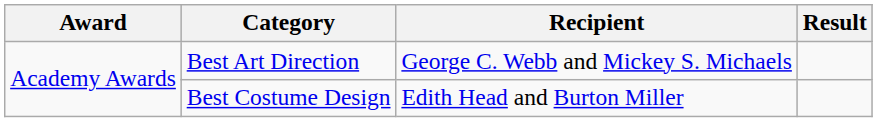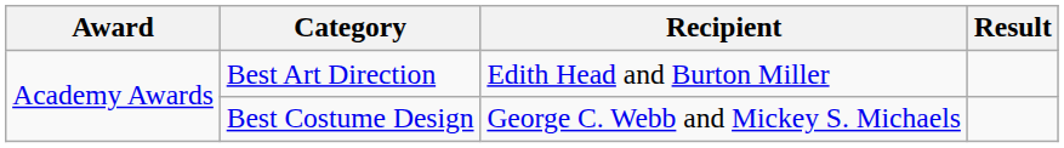 <table class="wikitable">
 <tr>
 <th>Award</th>
 <th>Category</th>
 <th>Recipient</th>
 <th>Result</th>
 </tr>
 <tr>
 <td rowspan=2><a href='#'>Academy Awards</a></td>
 <td><a href='#'>Best Art Direction</a></td>
-<td><a href='#'>George C. Webb</a> and <a href='#'>Mickey S. Michaels</a></td>
+<td><a href='#'>Edith Head</a> and <a href='#'>Burton Miller</a></td>
 <td></td>
 </tr>
 <tr>
 <td><a href='#'>Best Costume Design</a></td>
-<td><a href='#'>Edith Head</a> and <a href='#'>Burton Miller</a></td>
+<td><a href='#'>George C. Webb</a> and <a href='#'>Mickey S. Michaels</a></td>
 <td></td>
 </tr>
 </table>
